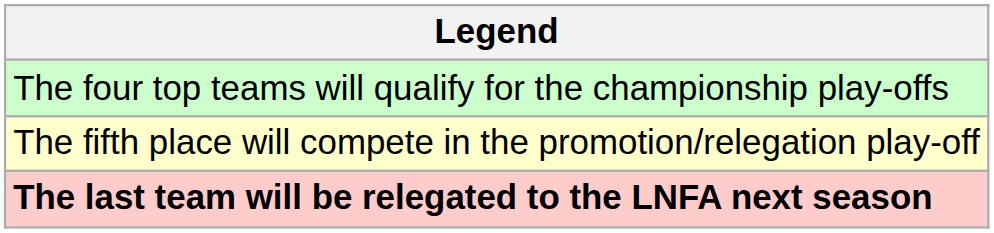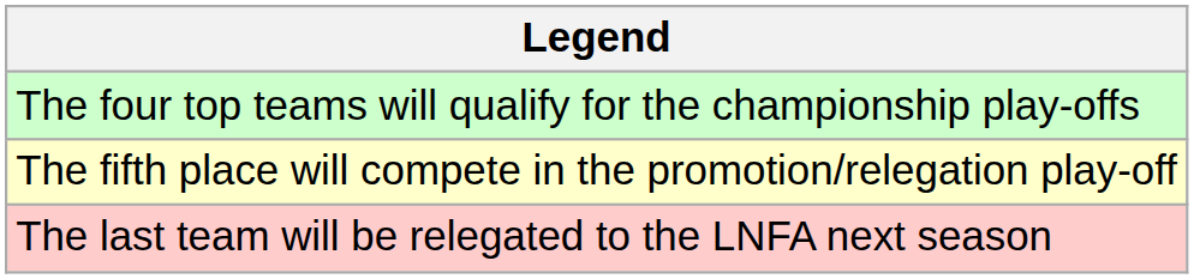 <table class="wikitable">
 <tr>
 <th>Legend</th>
 </tr>
 <tr bgcolor=#cfc>
 <td>The four top teams will qualify for the championship play-offs</td>
 </tr>
 <tr bgcolor=#ffffcc>
 <td>The fifth place will compete in the promotion/relegation play-off</td>
 </tr>
 <tr bgcolor=#FFCCCC>
-<td><strong>The last team will be relegated to the LNFA next season</strong></td>
+<td>The last team will be relegated to the LNFA next season</td>
 </tr>
 </table>
